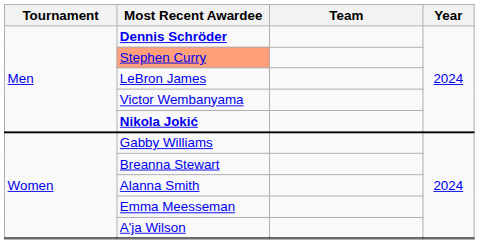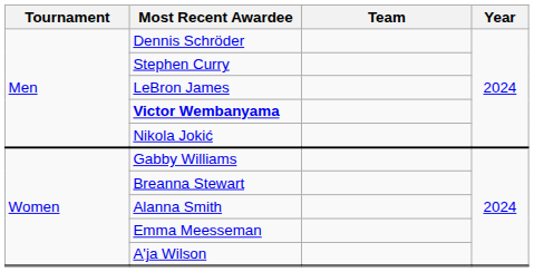 <table class="wikitable" style="width: 40%; font-size:90%">
 <tr>
 <th width=10%>Tournament</th>
 <th width=20%>Most Recent Awardee</th>
 <th width=20%>Team</th>
 <th width=5%>Year</th>
 </tr>
 <tr>
 <td rowspan=5><a href='#'>Men</a></td>
-<td><strong><a href='#'>Dennis Schröder</a></strong></td>
+<td><a href='#'>Dennis Schröder</a></td>
 <td></td>
 <td rowspan=5; align=center><a href='#'>2024</a></td>
 </tr>
 <tr>
-<td style="background: lightsalmon;"><a href='#'>Stephen Curry</a></td>
+<td><a href='#'>Stephen Curry</a></td>
 <td></td>
 </tr>
 <tr>
 <td><a href='#'>LeBron James</a></td>
 <td></td>
 </tr>
 <tr>
-<td><a href='#'>Victor Wembanyama</a></td>
+<td><strong><a href='#'>Victor Wembanyama</a></strong></td>
 <td></td>
 </tr>
 <tr>
-<td><strong><a href='#'>Nikola Jokić</a></strong></td>
+<td><a href='#'>Nikola Jokić</a></td>
 <td></td>
 </tr>
 <tr style = "border-top:2px solid black;">
 <td rowspan=5><a href='#'>Women</a></td>
 <td><a href='#'>Gabby Williams</a></td>
 <td></td>
 <td rowspan=5; align=center><a href='#'>2024</a></td>
 </tr>
 <tr>
 <td><a href='#'>Breanna Stewart</a></td>
 <td></td>
 </tr>
 <tr>
 <td><a href='#'>Alanna Smith</a></td>
 <td></td>
 </tr>
 <tr>
 <td><a href='#'>Emma Meesseman</a></td>
 <td></td>
 </tr>
 <tr>
 <td><a href='#'>A'ja Wilson</a></td>
 <td></td>
 </tr>
 <tr style = "border-top:2px solid black;">
 </tr>
 </table>
